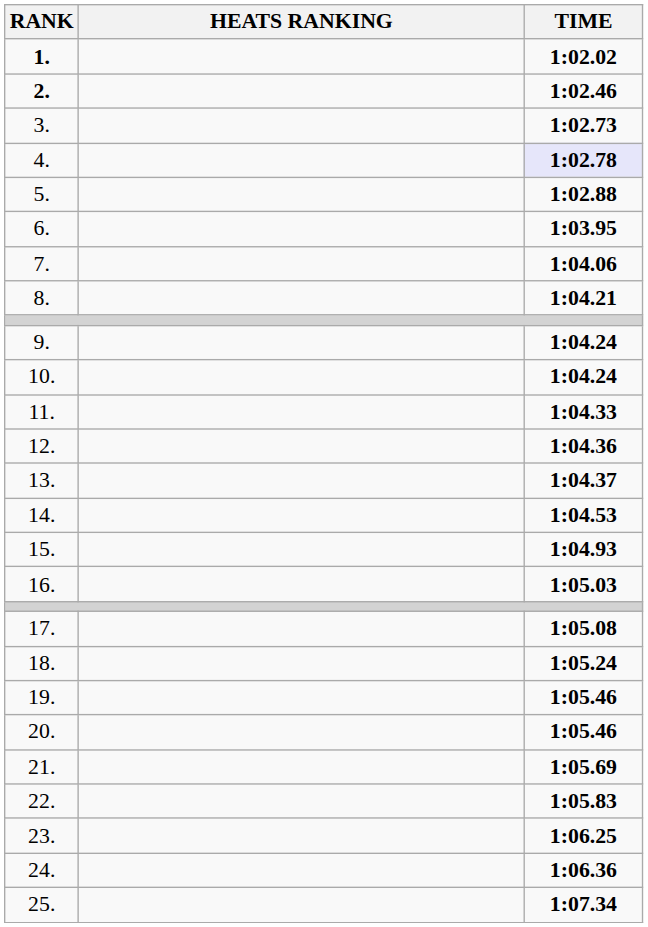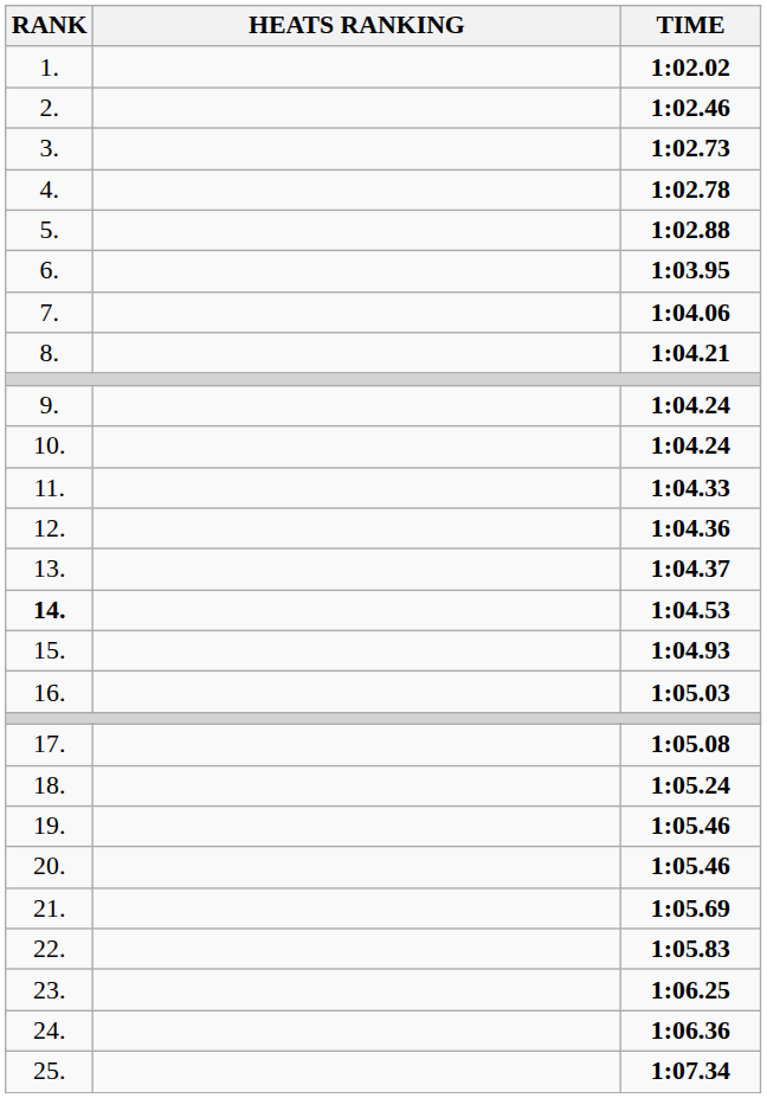 <table class="wikitable">
 <tr>
 <th>RANK</th>
 <th style="width: 20em">HEATS RANKING</th>
 <th style="width: 5em">TIME</th>
 </tr>
 <tr>
-<td align="center"><strong>1.</strong></td>
+<td align="center">1.</td>
 <td></td>
 <td align="center"><strong>1:02.02</strong></td>
 </tr>
 <tr>
-<td align="center"><strong>2.</strong></td>
+<td align="center">2.</td>
 <td></td>
 <td align="center"><strong>1:02.46</strong></td>
 </tr>
 <tr>
 <td align="center">3.</td>
 <td></td>
 <td align="center"><strong>1:02.73</strong></td>
 </tr>
 <tr>
 <td align="center">4.</td>
 <td></td>
-<td align="center" style="background: lavender;"><strong>1:02.78</strong></td>
+<td align="center"><strong>1:02.78</strong></td>
 </tr>
 <tr>
 <td align="center">5.</td>
 <td></td>
 <td align="center"><strong>1:02.88</strong></td>
 </tr>
 <tr>
 <td align="center">6.</td>
 <td></td>
 <td align="center"><strong>1:03.95</strong></td>
 </tr>
 <tr>
 <td align="center">7.</td>
 <td></td>
 <td align="center"><strong>1:04.06</strong></td>
 </tr>
 <tr>
 <td align="center">8.</td>
 <td></td>
 <td align="center"><strong>1:04.21</strong></td>
 </tr>
 <tr>
 <td colspan=3 bgcolor=lightgray></td>
 </tr>
 <tr>
 <td align="center">9.</td>
 <td></td>
 <td align="center"><strong>1:04.24</strong></td>
 </tr>
 <tr>
 <td align="center">10.</td>
 <td></td>
 <td align="center"><strong>1:04.24</strong></td>
 </tr>
 <tr>
 <td align="center">11.</td>
 <td></td>
 <td align="center"><strong>1:04.33</strong></td>
 </tr>
 <tr>
 <td align="center">12.</td>
 <td></td>
 <td align="center"><strong>1:04.36</strong></td>
 </tr>
 <tr>
 <td align="center">13.</td>
 <td></td>
 <td align="center"><strong>1:04.37</strong></td>
 </tr>
 <tr>
-<td align="center">14.</td>
+<td align="center"><strong>14.</strong></td>
 <td></td>
 <td align="center"><strong>1:04.53</strong></td>
 </tr>
 <tr>
 <td align="center">15.</td>
 <td></td>
 <td align="center"><strong>1:04.93</strong></td>
 </tr>
 <tr>
 <td align="center">16.</td>
 <td></td>
 <td align="center"><strong>1:05.03</strong></td>
 </tr>
 <tr>
 <td colspan=3 bgcolor=lightgray></td>
 </tr>
 <tr>
 <td align="center">17.</td>
 <td></td>
 <td align="center"><strong>1:05.08</strong></td>
 </tr>
 <tr>
 <td align="center">18.</td>
 <td></td>
 <td align="center"><strong>1:05.24</strong></td>
 </tr>
 <tr>
 <td align="center">19.</td>
 <td></td>
 <td align="center"><strong>1:05.46</strong></td>
 </tr>
 <tr>
 <td align="center">20.</td>
 <td></td>
 <td align="center"><strong>1:05.46</strong></td>
 </tr>
 <tr>
 <td align="center">21.</td>
 <td></td>
 <td align="center"><strong>1:05.69</strong></td>
 </tr>
 <tr>
 <td align="center">22.</td>
 <td></td>
 <td align="center"><strong>1:05.83</strong></td>
 </tr>
 <tr>
 <td align="center">23.</td>
 <td></td>
 <td align="center"><strong>1:06.25</strong></td>
 </tr>
 <tr>
 <td align="center">24.</td>
 <td></td>
 <td align="center"><strong>1:06.36</strong></td>
 </tr>
 <tr>
 <td align="center">25.</td>
 <td></td>
 <td align="center"><strong>1:07.34</strong></td>
 </tr>
 </table>
